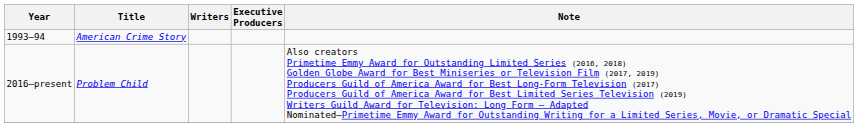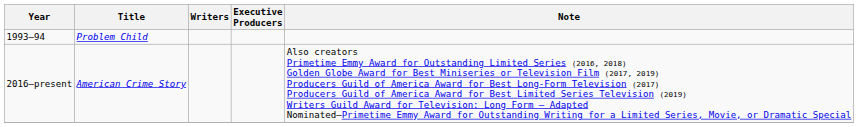 <table class="wikitable plainrowheaders">
 <tr>
 <th>Year</th>
 <th>Title</th>
 <th>Writers</th>
 <th>Executive<br>Producers</th>
 <th>Note</th>
 </tr>
 <tr>
 <td>1993–94</td>
-<td><em><a href='#'>American Crime Story</a></em></td>
+<td><em><a href='#'>Problem Child</a></em></td>
 <td></td>
 <td></td>
 <td></td>
 </tr>
 <tr>
 <td>2016–present</td>
-<td><em><a href='#'>Problem Child</a></em></td>
+<td><em><a href='#'>American Crime Story</a></em></td>
 <td></td>
 <td></td>
 <td>Also creators<br><a href='#'>Primetime Emmy Award for Outstanding Limited Series</a> <small>(2016, 2018)</small><br><a href='#'>Golden Globe Award for Best Miniseries or Television Film</a> <small>(2017, 2019)</small><br><a href='#'>Producers Guild of America Award for Best Long-Form Television</a> <small>(2017)</small><br><a href='#'>Producers Guild of America Award for Best Limited Series Television</a> <small>(2019)</small><br><a href='#'>Writers Guild Award for Television: Long Form – Adapted</a><br>Nominated–<a href='#'>Primetime Emmy Award for Outstanding Writing for a Limited Series, Movie, or Dramatic Special</a></td>
 </tr>
 <tr>
 </tr>
 </table>
